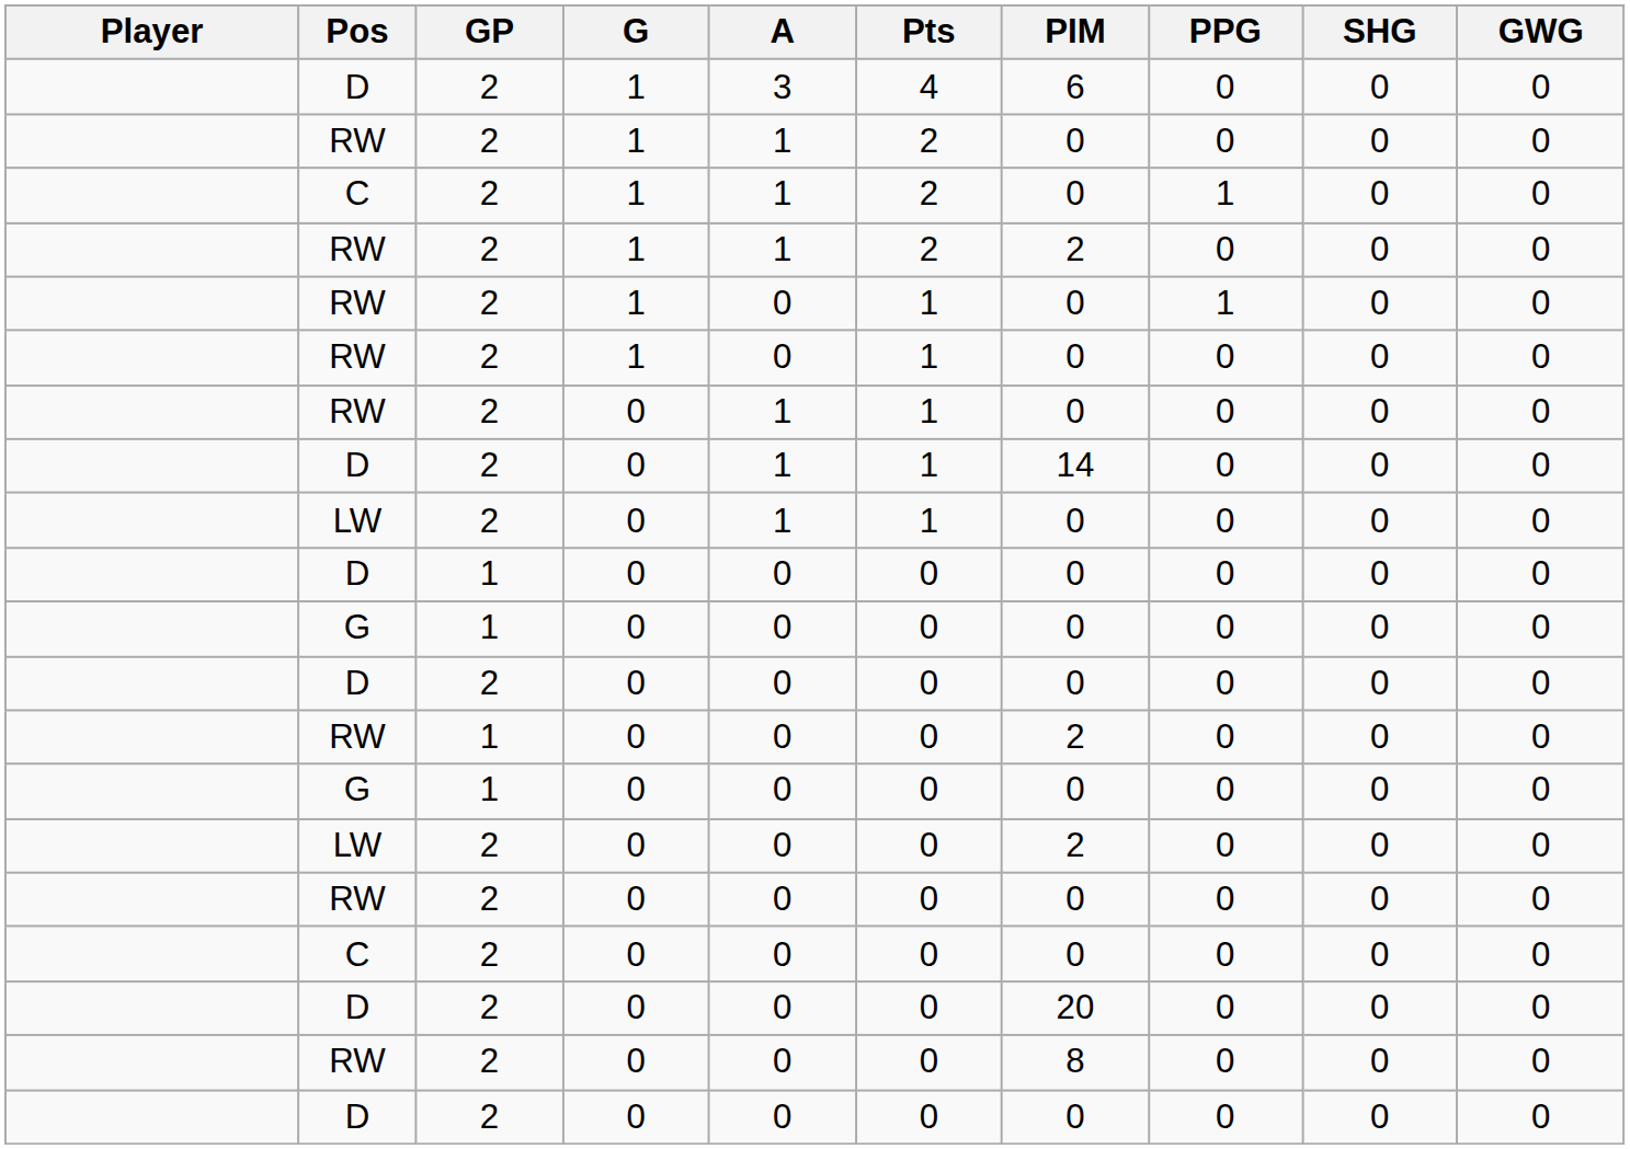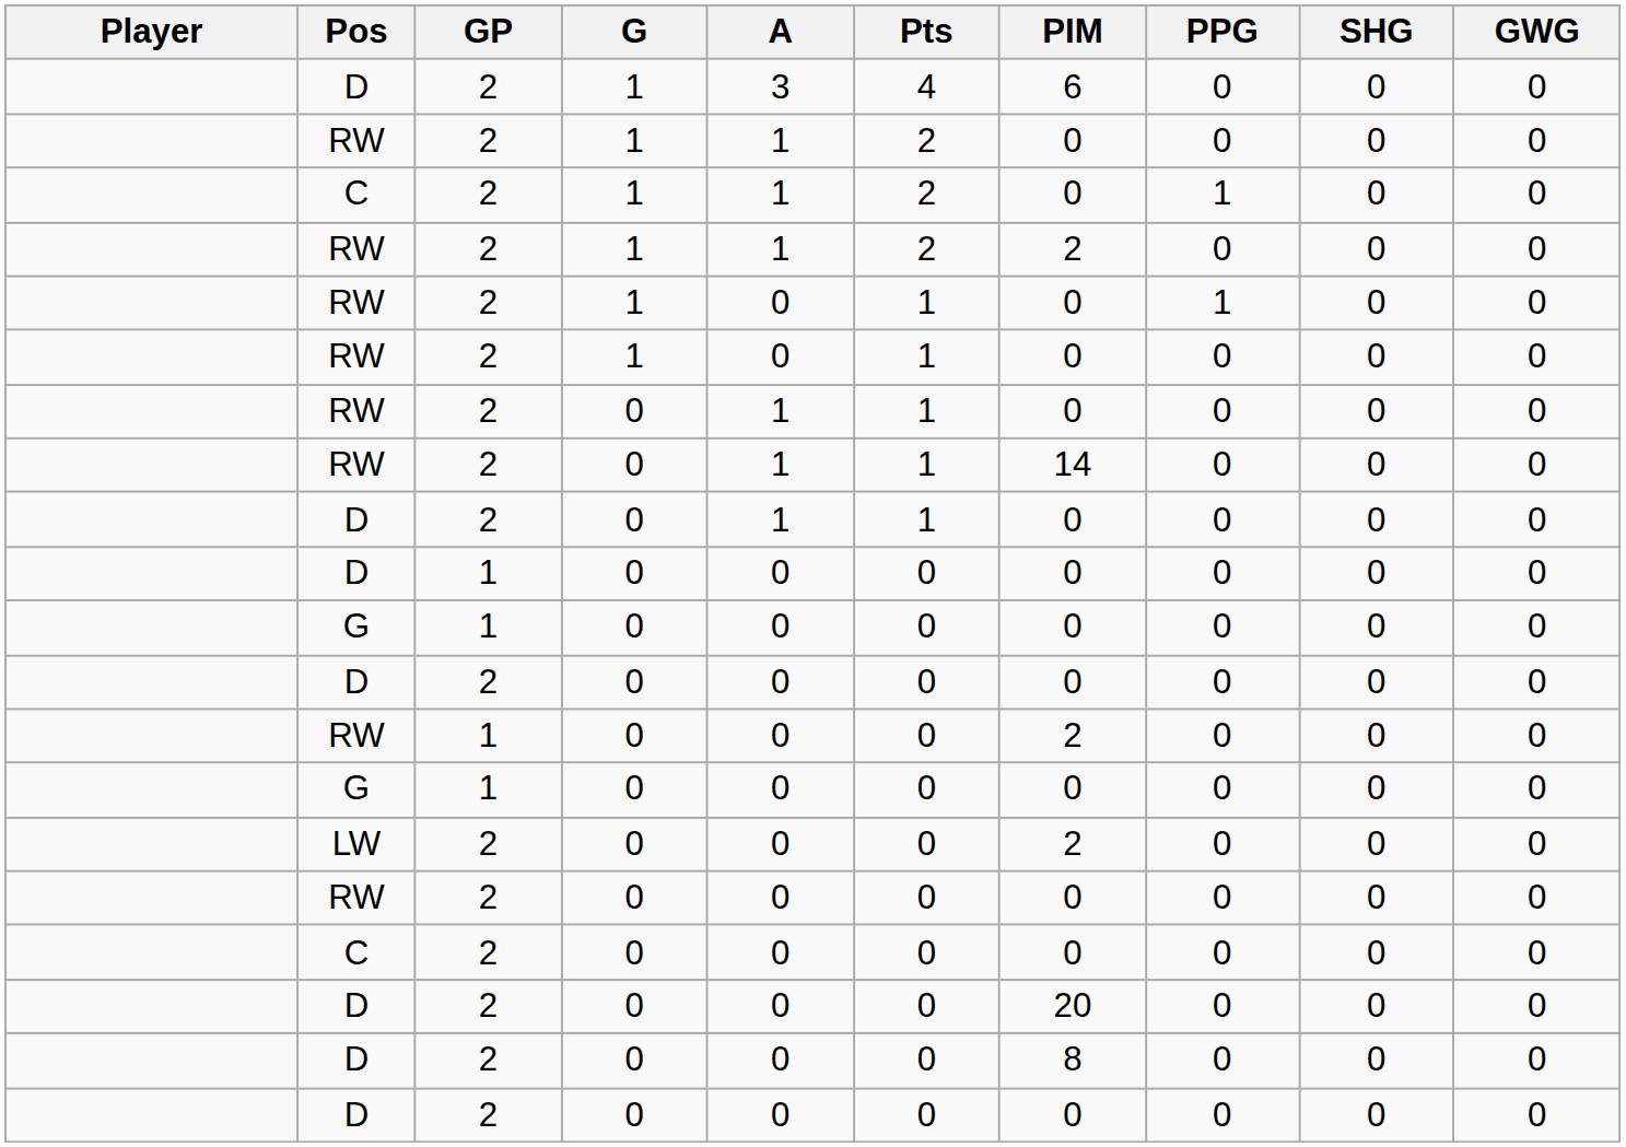 <table class="wikitable sortable" width="60%">
 <tr ALIGN="center">
 <th bgcolor="#DDDDFF" width="10%">Player</th>
 <th bgcolor="#DDDDFF" width="3%" title="Position">Pos</th>
 <th bgcolor="#DDDDFF" width="5%" title="Games played">GP</th>
 <th bgcolor="#DDDDFF" width="5%" title="Goals">G</th>
 <th bgcolor="#DDDDFF" width="5%" title="Assists">A</th>
 <th bgcolor="#DDDDFF" width="5%" title="Points">Pts</th>
 <th bgcolor="#DDDDFF" width="5%" title="Penalties in Minutes">PIM</th>
 <th bgcolor="#DDDDFF" width="5%" title="Power play goals">PPG</th>
 <th bgcolor="#DDDDFF" width="5%" title="Short-handed goals">SHG</th>
 <th bgcolor="#DDDDFF" width="5%" title="Game-winning goals">GWG</th>
 </tr>
 <tr align="center">
 <td align="right"></td>
 <td>D</td>
 <td>2</td>
 <td>1</td>
 <td>3</td>
 <td>4</td>
 <td>6</td>
 <td>0</td>
 <td>0</td>
 <td>0</td>
 </tr>
 <tr align="center">
 <td align="right"></td>
 <td>RW</td>
 <td>2</td>
 <td>1</td>
 <td>1</td>
 <td>2</td>
 <td>0</td>
 <td>0</td>
 <td>0</td>
 <td>0</td>
 </tr>
 <tr align="center">
 <td align="right"></td>
 <td>C</td>
 <td>2</td>
 <td>1</td>
 <td>1</td>
 <td>2</td>
 <td>0</td>
 <td>1</td>
 <td>0</td>
 <td>0</td>
 </tr>
 <tr align="center">
 <td align="right"></td>
 <td>RW</td>
 <td>2</td>
 <td>1</td>
 <td>1</td>
 <td>2</td>
 <td>2</td>
 <td>0</td>
 <td>0</td>
 <td>0</td>
 </tr>
 <tr align="center">
 <td align="right"></td>
 <td>RW</td>
 <td>2</td>
 <td>1</td>
 <td>0</td>
 <td>1</td>
 <td>0</td>
 <td>1</td>
 <td>0</td>
 <td>0</td>
 </tr>
 <tr align="center">
 <td align="right"></td>
 <td>RW</td>
 <td>2</td>
 <td>1</td>
 <td>0</td>
 <td>1</td>
 <td>0</td>
 <td>0</td>
 <td>0</td>
 <td>0</td>
 </tr>
 <tr align="center">
 <td align="right"></td>
 <td>RW</td>
 <td>2</td>
 <td>0</td>
 <td>1</td>
 <td>1</td>
 <td>0</td>
 <td>0</td>
 <td>0</td>
 <td>0</td>
 </tr>
 <tr align="center">
 <td align="right"></td>
-<td>D</td>
+<td>RW</td>
 <td>2</td>
 <td>0</td>
 <td>1</td>
 <td>1</td>
 <td>14</td>
 <td>0</td>
 <td>0</td>
 <td>0</td>
 </tr>
 <tr align="center">
 <td align="right"></td>
-<td>LW</td>
+<td>D</td>
 <td>2</td>
 <td>0</td>
 <td>1</td>
 <td>1</td>
 <td>0</td>
 <td>0</td>
 <td>0</td>
 <td>0</td>
 </tr>
 <tr align="center">
 <td align="right"></td>
 <td>D</td>
 <td>1</td>
 <td>0</td>
 <td>0</td>
 <td>0</td>
 <td>0</td>
 <td>0</td>
 <td>0</td>
 <td>0</td>
 </tr>
 <tr align="center">
 <td align="right"></td>
 <td>G</td>
 <td>1</td>
 <td>0</td>
 <td>0</td>
 <td>0</td>
 <td>0</td>
 <td>0</td>
 <td>0</td>
 <td>0</td>
 </tr>
 <tr align="center">
 <td align="right"></td>
 <td>D</td>
 <td>2</td>
 <td>0</td>
 <td>0</td>
 <td>0</td>
 <td>0</td>
 <td>0</td>
 <td>0</td>
 <td>0</td>
 </tr>
 <tr align="center">
 <td align="right"></td>
 <td>RW</td>
 <td>1</td>
 <td>0</td>
 <td>0</td>
 <td>0</td>
 <td>2</td>
 <td>0</td>
 <td>0</td>
 <td>0</td>
 </tr>
 <tr align="center">
 <td align="right"></td>
 <td>G</td>
 <td>1</td>
 <td>0</td>
 <td>0</td>
 <td>0</td>
 <td>0</td>
 <td>0</td>
 <td>0</td>
 <td>0</td>
 </tr>
 <tr align="center">
 <td align="right"></td>
 <td>LW</td>
 <td>2</td>
 <td>0</td>
 <td>0</td>
 <td>0</td>
 <td>2</td>
 <td>0</td>
 <td>0</td>
 <td>0</td>
 </tr>
 <tr align="center">
 <td align="right"></td>
 <td>RW</td>
 <td>2</td>
 <td>0</td>
 <td>0</td>
 <td>0</td>
 <td>0</td>
 <td>0</td>
 <td>0</td>
 <td>0</td>
 </tr>
 <tr align="center">
 <td align="right"></td>
 <td>C</td>
 <td>2</td>
 <td>0</td>
 <td>0</td>
 <td>0</td>
 <td>0</td>
 <td>0</td>
 <td>0</td>
 <td>0</td>
 </tr>
 <tr align="center">
 <td align="right"></td>
 <td>D</td>
 <td>2</td>
 <td>0</td>
 <td>0</td>
 <td>0</td>
 <td>20</td>
 <td>0</td>
 <td>0</td>
 <td>0</td>
 </tr>
 <tr align="center">
 <td align="right"></td>
-<td>RW</td>
+<td>D</td>
 <td>2</td>
 <td>0</td>
 <td>0</td>
 <td>0</td>
 <td>8</td>
 <td>0</td>
 <td>0</td>
 <td>0</td>
 </tr>
 <tr align="center">
 <td align="right"></td>
 <td>D</td>
 <td>2</td>
 <td>0</td>
 <td>0</td>
 <td>0</td>
 <td>0</td>
 <td>0</td>
 <td>0</td>
 <td>0</td>
 </tr>
 </table>
